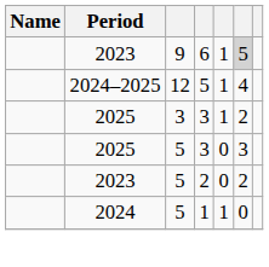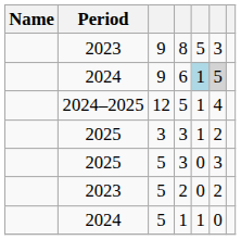 <table class="wikitable sortable" style="text-align:center">
 <tr>
 <th scope="col">Name</th>
 <th scope="col">Period</th>
 <th scope="col"></th>
 <th scope="col"></th>
 <th scope="col"></th>
 <th scope="col"></th>
 <th scope="col"></th>
 </tr>
 <tr>
 <td></td>
 <td>2023</td>
 <td>9</td>
+<td>8</td>
+<td>5</td>
+<td>3</td>
+<td></td>
+</tr>
+<tr>
+<td></td>
+<td>2024</td>
+<td>9</td>
 <td>6</td>
-<td>1</td>
+<td style="background: lightblue;">1</td>
 <td style="background: lightgrey;">5</td>
 <td></td>
 </tr>
 <tr>
 <td></td>
 <td>2024–2025</td>
 <td>12</td>
 <td>5</td>
 <td>1</td>
 <td>4</td>
 <td></td>
 </tr>
 <tr>
 <td></td>
 <td>2025</td>
 <td>3</td>
 <td>3</td>
 <td>1</td>
 <td>2</td>
 <td></td>
 </tr>
 <tr>
 <td></td>
 <td>2025</td>
 <td>5</td>
 <td>3</td>
 <td>0</td>
 <td>3</td>
 <td></td>
 </tr>
 <tr>
 <td></td>
 <td>2023</td>
 <td>5</td>
 <td>2</td>
 <td>0</td>
 <td>2</td>
 <td></td>
 </tr>
 <tr>
 <td></td>
 <td>2024</td>
 <td>5</td>
 <td>1</td>
 <td>1</td>
 <td>0</td>
 <td></td>
 </tr>
 <tr>
 </tr>
 </table>
